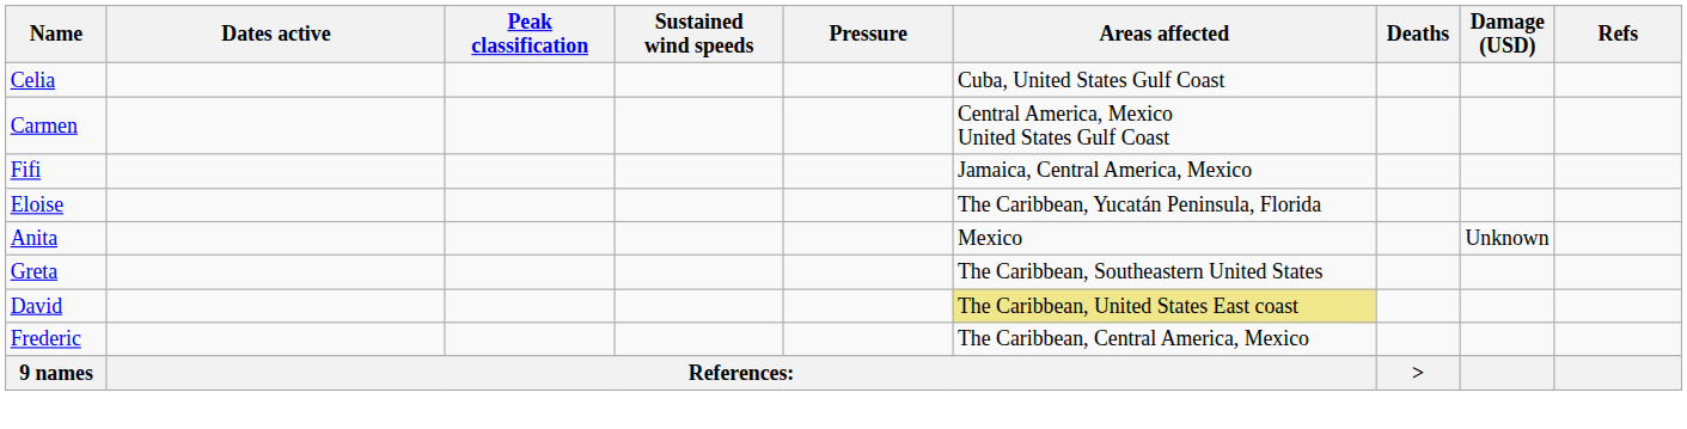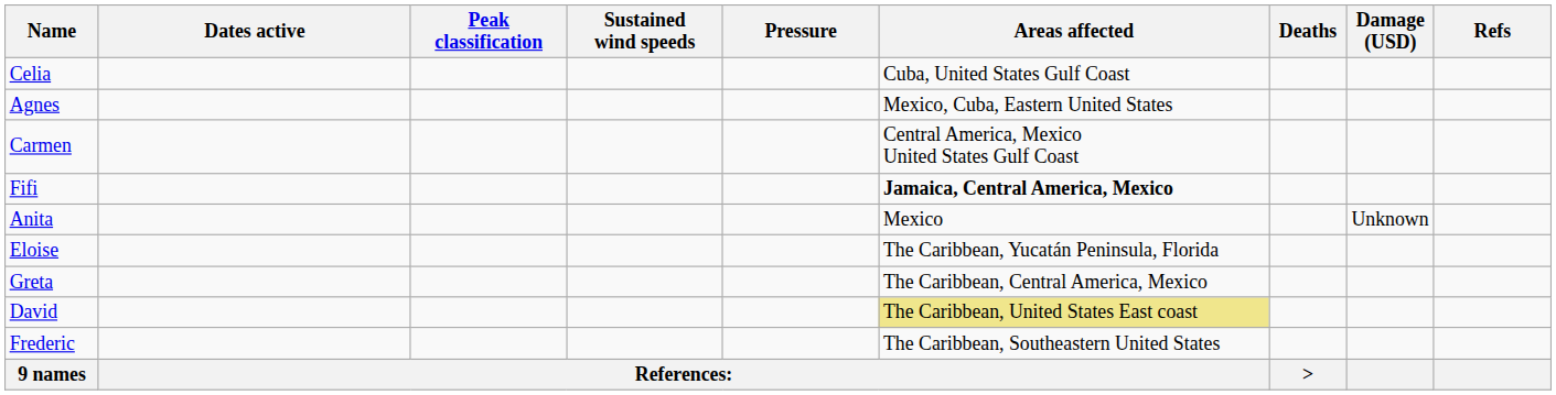 <table class="wikitable sortable" width="100%">
 <tr>
 <th scope="col" width="6%">Name</th>
 <th scope="col" width="20%">Dates active</th>
 <th scope="col" width="10%"><a href='#'>Peak classification</a></th>
 <th scope="col" width="10%">Sustained<br>wind speeds</th>
 <th scope="col" width="10%">Pressure</th>
 <th scope="col" width="25%" class="unsortable">Areas affected</th>
 <th scope="col" width="5%">Deaths</th>
 <th scope="col" width="5%">Damage<br>(USD)</th>
 <th scope="col" width="7.5%" class="unsortable">Refs</th>
 </tr>
 <tr>
 <td><a href='#'>Celia</a></td>
 <td></td>
 <td></td>
 <td></td>
 <td></td>
 <td>Cuba, United States Gulf Coast</td>
 <td></td>
 <td></td>
 <td></td>
 </tr>
 <tr>
+<td><a href='#'>Agnes</a></td>
+<td></td>
+<td></td>
+<td></td>
+<td></td>
+<td>Mexico, Cuba, Eastern United States</td>
+<td></td>
+<td></td>
+<td></td>
+</tr>
+<tr>
 <td><a href='#'>Carmen</a></td>
 <td></td>
 <td></td>
 <td></td>
 <td></td>
 <td>Central America, Mexico<br>United States Gulf Coast</td>
 <td></td>
 <td></td>
 <td></td>
 </tr>
 <tr>
 <td><a href='#'>Fifi</a></td>
 <td></td>
 <td></td>
 <td></td>
 <td></td>
-<td>Jamaica, Central America, Mexico</td>
-<td></td>
-<td></td>
-<td></td>
-</tr>
-<tr>
-<td><a href='#'>Eloise</a></td>
-<td></td>
-<td></td>
-<td></td>
-<td></td>
-<td>The Caribbean, Yucatán Peninsula, Florida</td>
+<td><strong>Jamaica, Central America, Mexico</strong></td>
 <td></td>
 <td></td>
 <td></td>
 </tr>
 <tr>
 <td><a href='#'>Anita</a></td>
 <td></td>
 <td></td>
 <td></td>
 <td></td>
 <td>Mexico</td>
 <td></td>
 <td> Unknown</td>
 <td></td>
 </tr>
 <tr>
+<td><a href='#'>Eloise</a></td>
+<td></td>
+<td></td>
+<td></td>
+<td></td>
+<td>The Caribbean, Yucatán Peninsula, Florida</td>
+<td></td>
+<td></td>
+<td></td>
+</tr>
+<tr>
 <td><a href='#'>Greta</a></td>
 <td></td>
 <td></td>
 <td></td>
 <td></td>
-<td>The Caribbean, Southeastern United States</td>
+<td>The Caribbean, Central America, Mexico</td>
 <td></td>
 <td></td>
 <td></td>
 </tr>
 <tr>
 <td><a href='#'>David</a></td>
 <td></td>
 <td></td>
 <td></td>
 <td></td>
 <td style="background: khaki;">The Caribbean, United States East coast</td>
 <td></td>
 <td></td>
 <td></td>
 </tr>
 <tr>
 <td><a href='#'>Frederic</a></td>
 <td></td>
 <td></td>
 <td></td>
 <td></td>
-<td>The Caribbean, Central America, Mexico</td>
+<td>The Caribbean, Southeastern United States</td>
 <td></td>
 <td></td>
 <td></td>
 </tr>
 <tr class="sortbottom">
 <th>9 names</th>
 <th colspan=5>References:</th>
 <th>></th>
 <th></th>
 <th></th>
 </tr>
 </table>
